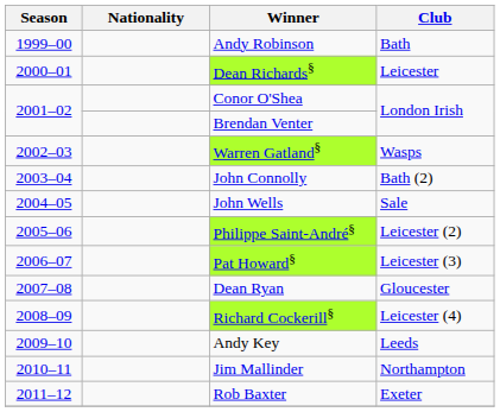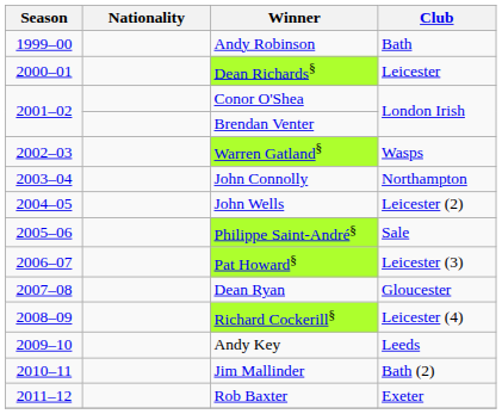 <table class="wikitable plainrowheaders">
 <tr>
 <th width=70>Season</th>
 <th width=120>Nationality</th>
 <th width=160>Winner</th>
 <th width=110><a href='#'>Club</a></th>
 </tr>
 <tr>
 <td align=center><a href='#'>1999–00</a></td>
 <td></td>
 <td><a href='#'>Andy Robinson</a></td>
 <td><a href='#'>Bath</a></td>
 </tr>
 <tr>
 <td align=center><a href='#'>2000–01</a></td>
 <td></td>
 <td style="background:#ADFF2D"><a href='#'>Dean Richards</a><sup>§</sup></td>
 <td><a href='#'>Leicester</a></td>
 </tr>
 <tr>
 <td rowspan=2 align=center><a href='#'>2001–02</a></td>
 <td></td>
 <td><a href='#'>Conor O'Shea</a></td>
 <td rowspan=2><a href='#'>London Irish</a></td>
 </tr>
 <tr>
 <td></td>
 <td><a href='#'>Brendan Venter</a></td>
 </tr>
 <tr>
 <td align=center><a href='#'>2002–03</a></td>
 <td></td>
 <td style="background:#ADFF2D"><a href='#'>Warren Gatland</a><sup>§</sup></td>
 <td><a href='#'>Wasps</a></td>
 </tr>
 <tr>
 <td align=center><a href='#'>2003–04</a></td>
 <td></td>
 <td><a href='#'>John Connolly</a></td>
-<td><a href='#'>Bath</a> (2)</td>
+<td><a href='#'>Northampton</a></td>
 </tr>
 <tr>
 <td align=center><a href='#'>2004–05</a></td>
 <td></td>
 <td><a href='#'>John Wells</a></td>
-<td><a href='#'>Sale</a></td>
+<td><a href='#'>Leicester</a> (2)</td>
 </tr>
 <tr>
 <td align=center><a href='#'>2005–06</a></td>
 <td></td>
 <td style="background:#ADFF2D"><a href='#'>Philippe Saint-André</a><sup>§</sup></td>
-<td><a href='#'>Leicester</a> (2)</td>
+<td><a href='#'>Sale</a></td>
 </tr>
 <tr>
 <td align=center><a href='#'>2006–07</a></td>
 <td></td>
 <td style="background:#ADFF2D"><a href='#'>Pat Howard</a><sup>§</sup></td>
 <td><a href='#'>Leicester</a> (3)</td>
 </tr>
 <tr>
 <td align=center><a href='#'>2007–08</a></td>
 <td></td>
 <td><a href='#'>Dean Ryan</a></td>
 <td><a href='#'>Gloucester</a></td>
 </tr>
 <tr>
 <td align=center><a href='#'>2008–09</a></td>
 <td></td>
 <td style="background:#ADFF2D"><a href='#'>Richard Cockerill</a><sup>§</sup></td>
 <td><a href='#'>Leicester</a> (4)</td>
 </tr>
 <tr>
 <td align=center><a href='#'>2009–10</a></td>
 <td></td>
 <td>Andy Key</td>
 <td><a href='#'>Leeds</a></td>
 </tr>
 <tr>
 <td align=center><a href='#'>2010–11</a></td>
 <td></td>
 <td><a href='#'>Jim Mallinder</a></td>
-<td><a href='#'>Northampton</a></td>
+<td><a href='#'>Bath</a> (2)</td>
 </tr>
 <tr>
 <td align=center><a href='#'>2011–12</a></td>
 <td></td>
 <td><a href='#'>Rob Baxter</a></td>
 <td><a href='#'>Exeter</a></td>
 </tr>
 <tr>
 </tr>
 </table>
